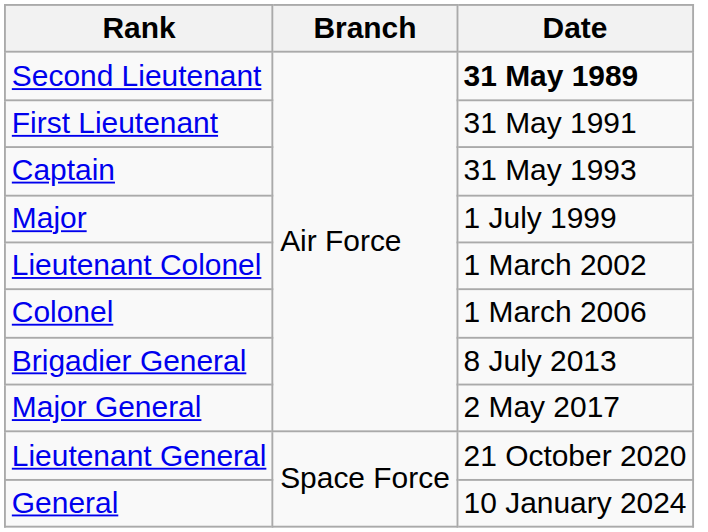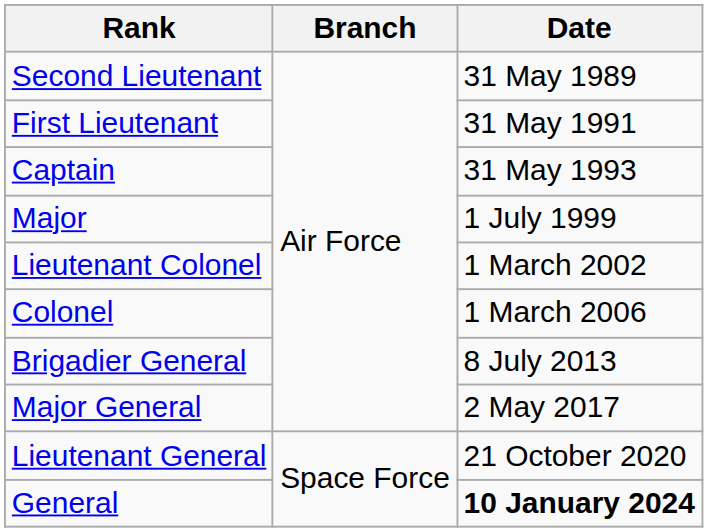 <table class="wikitable">
 <tr>
 <th>Rank</th>
 <th>Branch</th>
 <th>Date</th>
 </tr>
 <tr>
 <td> <a href='#'>Second Lieutenant</a></td>
 <td rowspan=8>Air Force</td>
-<td><strong>31 May 1989</strong></td>
+<td>31 May 1989</td>
 </tr>
 <tr>
 <td> <a href='#'>First Lieutenant</a></td>
 <td>31 May 1991</td>
 </tr>
 <tr>
 <td> <a href='#'>Captain</a></td>
 <td>31 May 1993</td>
 </tr>
 <tr>
 <td> <a href='#'>Major</a></td>
 <td>1 July 1999</td>
 </tr>
 <tr>
 <td> <a href='#'>Lieutenant Colonel</a></td>
 <td>1 March 2002</td>
 </tr>
 <tr>
 <td> <a href='#'>Colonel</a></td>
 <td>1 March 2006</td>
 </tr>
 <tr>
 <td> <a href='#'>Brigadier General</a></td>
 <td>8 July 2013</td>
 </tr>
 <tr>
 <td> <a href='#'>Major General</a></td>
 <td>2 May 2017</td>
 </tr>
 <tr>
 <td> <a href='#'>Lieutenant General</a></td>
 <td rowspan=2>Space Force</td>
 <td>21 October 2020</td>
 </tr>
 <tr>
 <td> <a href='#'>General</a></td>
-<td>10 January 2024</td>
+<td><strong>10 January 2024</strong></td>
 </tr>
 </table>
